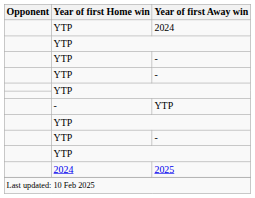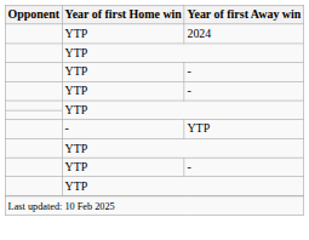 <table class="wikitable plainrowheaders sortable" style=align:center;>
 <tr>
 <th>Opponent</th>
 <th>Year of first Home win</th>
 <th>Year of first Away win</th>
 </tr>
 <tr>
 <td></td>
 <td>YTP</td>
 <td>2024</td>
 </tr>
 <tr>
 <td></td>
 <td colspan=2>YTP</td>
 </tr>
 <tr>
 <td></td>
 <td>YTP</td>
 <td>-</td>
 </tr>
 <tr>
 <td></td>
 <td>YTP</td>
 <td>-</td>
 </tr>
 <tr>
 <td></td>
 <td rowspan=2 colspan=2>YTP</td>
 </tr>
 <tr>
 <td></td>
 </tr>
 <tr>
 <td></td>
 <td>-</td>
 <td>YTP</td>
 </tr>
 <tr>
 <td></td>
 <td colspan=2>YTP</td>
 </tr>
 <tr>
 <td></td>
 <td>YTP</td>
 <td>-</td>
 </tr>
 <tr>
 <td></td>
 <td colspan=2>YTP</td>
 </tr>
 <tr>
-<td></td>
-<td><a href='#'>2024</a></td>
-<td><a href='#'>2025</a></td>
-</tr>
-<tr>
 </tr>
 <tr class=sortbottom>
 <td colspan=3><small>Last updated: 10 Feb 2025</small></td>
 </tr>
 </table>
